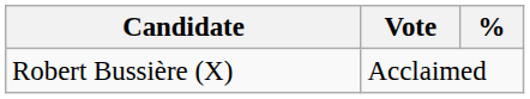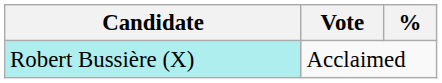 <table class="wikitable">
 <tr>
 <th bgcolor="#DDDDFF" width="200px">Candidate</th>
 <th bgcolor="#DDDDFF" width="50px">Vote</th>
 <th bgcolor="#DDDDFF" width="30px">%</th>
 </tr>
 <tr>
-<td>Robert Bussière (X)</td>
+<td style="background: paleturquoise;">Robert Bussière (X)</td>
 <td colspan="2">Acclaimed</td>
 </tr>
 </table>
